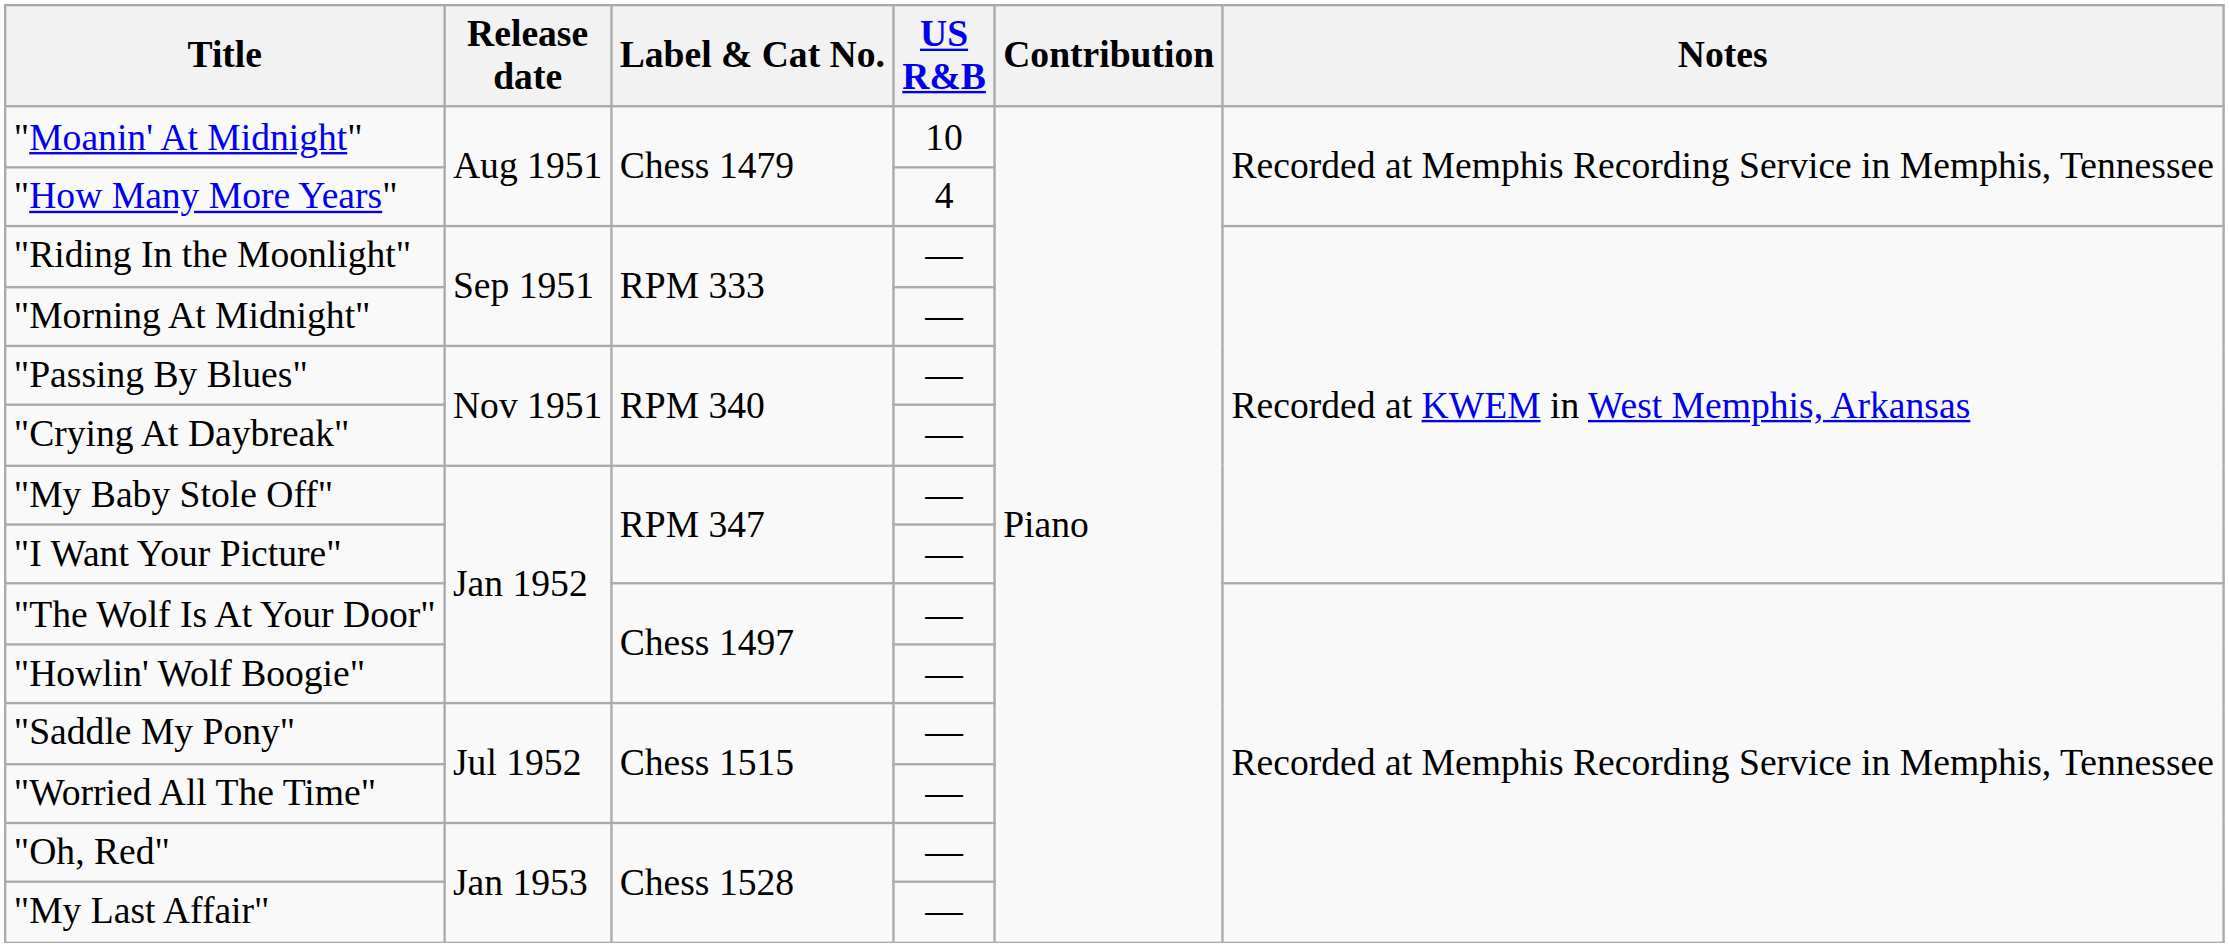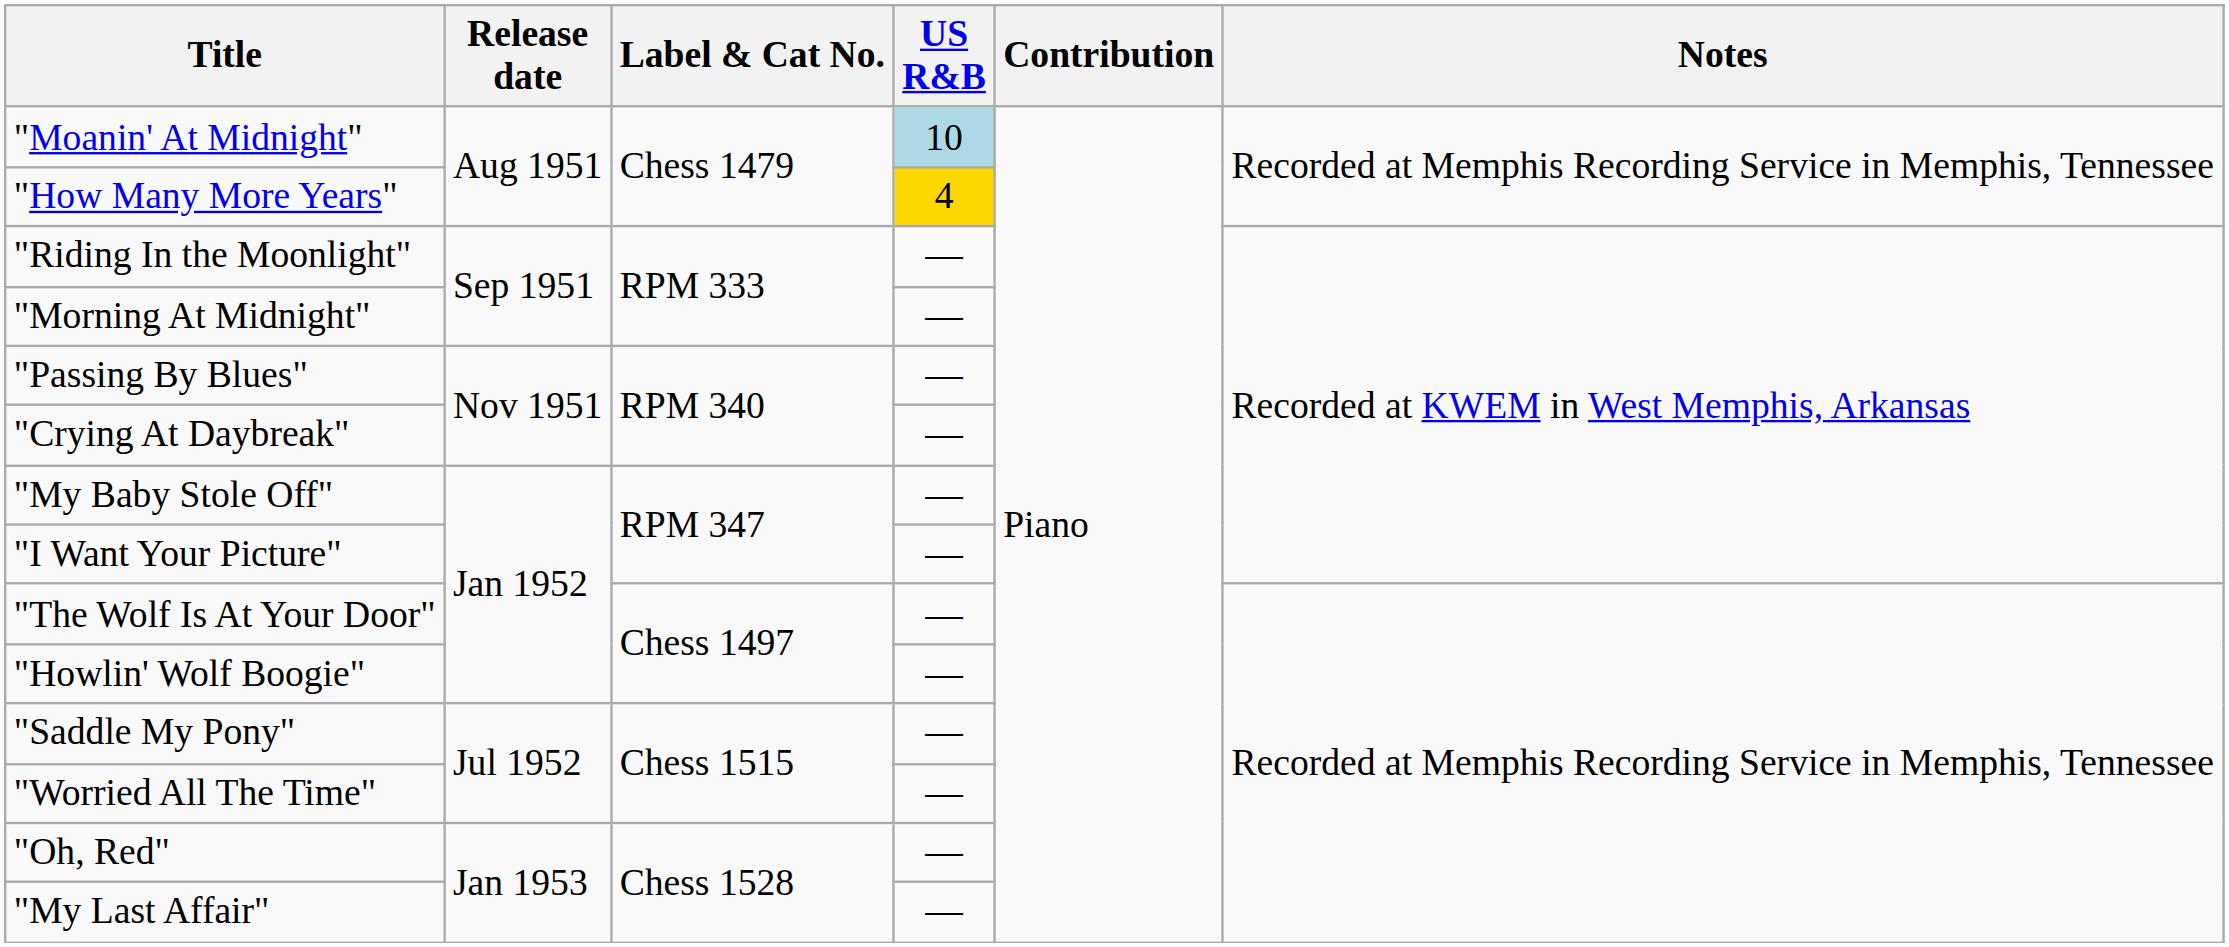 <table class="wikitable">
 <tr>
 <th>Title</th>
 <th>Release<br>date</th>
 <th>Label & Cat No.</th>
 <th><a href='#'>US<br>R&B</a><br></th>
 <th>Contribution<br></th>
 <th>Notes</th>
 </tr>
 <tr>
 <td>"<a href='#'>Moanin' At Midnight</a>"</td>
 <td rowspan="2">Aug 1951</td>
 <td rowspan="2">Chess 1479</td>
-<td align="center">10</td>
+<td align="center" style="background: lightblue;">10</td>
 <td rowspan="14">Piano</td>
 <td rowspan="2">Recorded at Memphis Recording Service in Memphis, Tennessee</td>
 </tr>
 <tr>
 <td>"<a href='#'>How Many More Years</a>"</td>
-<td align="center">4</td>
+<td align="center" style="background: gold;">4</td>
 </tr>
 <tr>
 <td>"Riding In the Moonlight"</td>
 <td rowspan="2">Sep 1951</td>
 <td rowspan="2">RPM 333</td>
 <td align="center">—</td>
 <td rowspan="6">Recorded at <a href='#'>KWEM</a> in <a href='#'>West Memphis, Arkansas</a></td>
 </tr>
 <tr>
 <td>"Morning At Midnight"</td>
 <td align="center">—</td>
 </tr>
 <tr>
 <td>"Passing By Blues"</td>
 <td rowspan="2">Nov 1951</td>
 <td rowspan="2">RPM 340</td>
 <td align="center">—</td>
 </tr>
 <tr>
 <td>"Crying At Daybreak"</td>
 <td align="center">—</td>
 </tr>
 <tr>
 <td>"My Baby Stole Off"</td>
 <td rowspan="4">Jan 1952</td>
 <td rowspan="2">RPM 347</td>
 <td align="center">—</td>
 </tr>
 <tr>
 <td>"I Want Your Picture"</td>
 <td align="center">—</td>
 </tr>
 <tr>
 <td>"The Wolf Is At Your Door"</td>
 <td rowspan="2">Chess 1497</td>
 <td align="center">—</td>
 <td rowspan="6">Recorded at Memphis Recording Service in Memphis, Tennessee</td>
 </tr>
 <tr>
 <td>"Howlin' Wolf Boogie"</td>
 <td align="center">—</td>
 </tr>
 <tr>
 <td>"Saddle My Pony"</td>
 <td rowspan="2">Jul 1952</td>
 <td rowspan="2">Chess 1515</td>
 <td align="center">—</td>
 </tr>
 <tr>
 <td>"Worried All The Time"</td>
 <td align="center">—</td>
 </tr>
 <tr>
 <td>"Oh, Red"</td>
 <td rowspan="2">Jan 1953</td>
 <td rowspan="2">Chess 1528</td>
 <td align="center">—</td>
 </tr>
 <tr>
 <td>"My Last Affair"</td>
 <td align="center">—</td>
 </tr>
 </table>
